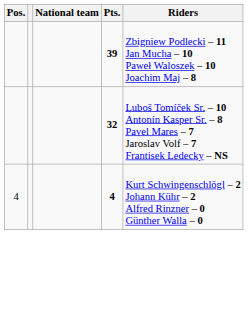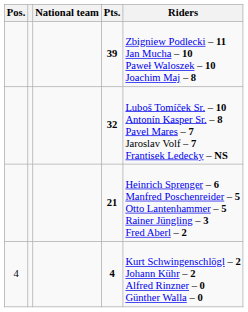 <table class=wikitable style="font-size:93%;">
 <tr>
 <th>Pos.</th>
 <th></th>
 <th>National team</th>
 <th>Pts.</th>
 <th>Riders</th>
 </tr>
 <tr align=center >
 <td></td>
 <td></td>
 <td align=left></td>
 <td><strong>39</strong></td>
 <td align=left><br><a href='#'>Zbigniew Podlecki</a> – <strong>11</strong> <br> <a href='#'>Jan Mucha</a> – <strong>10</strong> <br> <a href='#'>Paweł Waloszek</a> – <strong>10</strong> <br> <a href='#'>Joachim Maj</a> – <strong>8</strong> <br></td>
 </tr>
 <tr align=center >
 <td></td>
 <td></td>
 <td align=left></td>
 <td><strong>32</strong></td>
 <td align=left><br><a href='#'>Luboš Tomíček Sr.</a> – <strong>10</strong> <br> <a href='#'>Antonín Kasper Sr.</a> – <strong>8</strong> <br> <a href='#'>Pavel Mares</a> – <strong>7</strong> <br> Jaroslav Volf – <strong>7</strong> <br> <a href='#'>Frantisek Ledecky</a> – <strong>NS</strong></td>
 </tr>
+<tr align=center >
+<td></td>
+<td></td>
+<td align=left></td>
+<td><strong>21</strong></td>
+<td align=left><br><a href='#'>Heinrich Sprenger</a> – <strong>6</strong> <br> <a href='#'>Manfred Poschenreider</a> – <strong>5</strong> <br> <a href='#'>Otto Lantenhammer</a> – <strong>5</strong> <br> <a href='#'>Rainer Jüngling</a> – <strong>3</strong> <br> <a href='#'>Fred Aberl</a> – <strong>2</strong> <br></td>
+</tr>
 <tr align=center>
 <td>4</td>
 <td></td>
 <td align=left></td>
 <td><strong>4</strong></td>
 <td align=left><br><a href='#'>Kurt Schwingenschlögl</a> – <strong>2</strong> <br> <a href='#'>Johann Kühr</a> – <strong>2</strong> <br> <a href='#'>Alfred Rinzner</a> – <strong>0</strong> <br> <a href='#'>Günther Walla</a> – <strong>0</strong> <br></td>
 </tr>
 </table>
